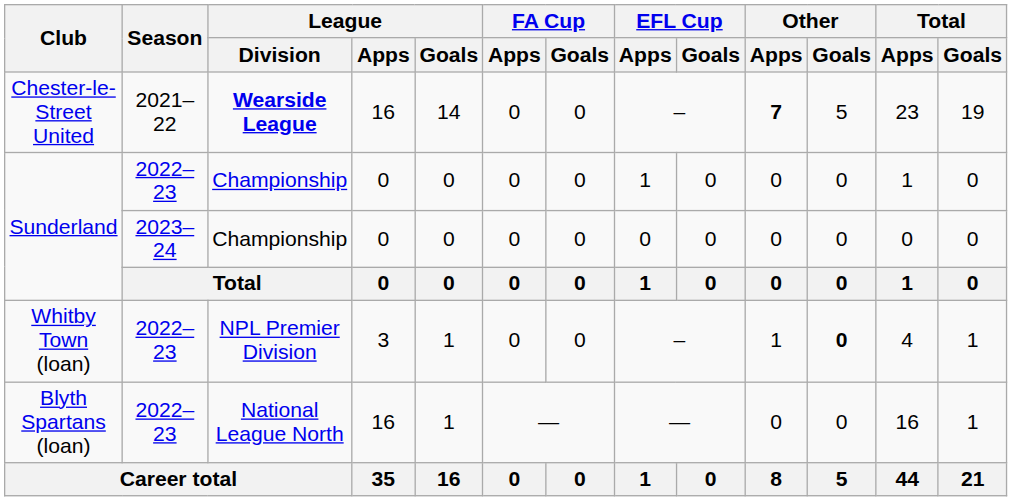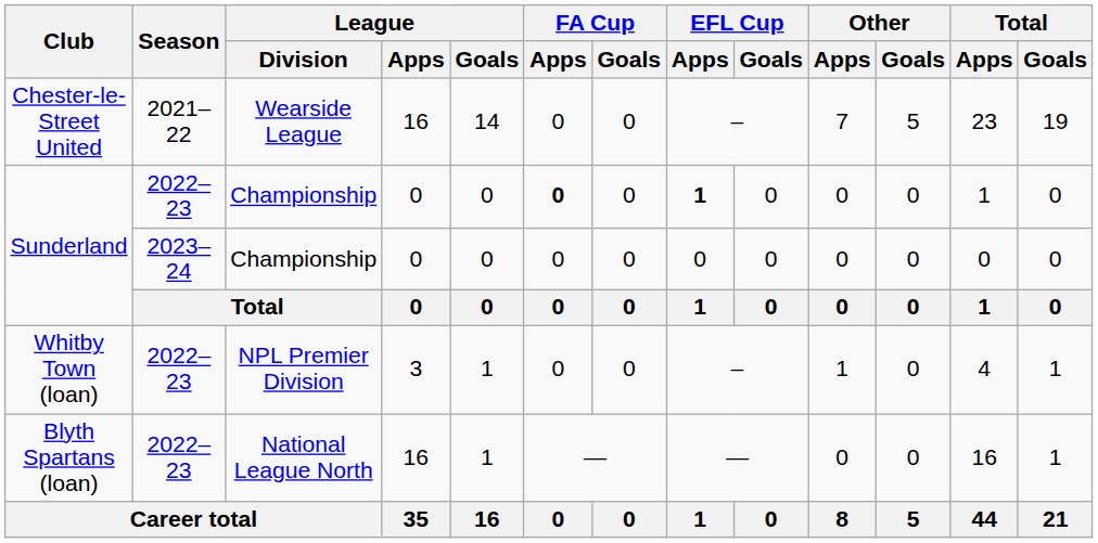 <table class=wikitable style=text-align:center>
 <tr>
 <th rowspan=2>Club</th>
 <th rowspan=2>Season</th>
 <th colspan=3>League</th>
 <th colspan=2><a href='#'>FA Cup</a></th>
 <th colspan=2><a href='#'>EFL Cup</a></th>
 <th colspan=2>Other</th>
 <th colspan=2>Total</th>
 </tr>
 <tr>
 <th>Division</th>
 <th>Apps</th>
 <th>Goals</th>
 <th>Apps</th>
 <th>Goals</th>
 <th>Apps</th>
 <th>Goals</th>
 <th>Apps</th>
 <th>Goals</th>
 <th>Apps</th>
 <th>Goals</th>
 </tr>
 <tr>
 <td><a href='#'>Chester-le-Street United</a></td>
 <td>2021–22</td>
-<td><strong><a href='#'>Wearside League</a></strong></td>
+<td><a href='#'>Wearside League</a></td>
 <td>16</td>
 <td>14</td>
 <td>0</td>
 <td>0</td>
 <td colspan=2>–</td>
-<td><strong>7</strong></td>
+<td>7</td>
 <td>5</td>
 <td>23</td>
 <td>19</td>
 </tr>
 <tr>
 <td rowspan="3"><a href='#'>Sunderland</a></td>
 <td><a href='#'>2022–23</a></td>
 <td><a href='#'>Championship</a></td>
 <td>0</td>
 <td>0</td>
+<td><strong>0</strong></td>
 <td>0</td>
-<td>0</td>
-<td>1</td>
+<td><strong>1</strong></td>
 <td>0</td>
 <td>0</td>
 <td>0</td>
 <td>1</td>
 <td>0</td>
 </tr>
 <tr>
 <td><a href='#'>2023–24</a></td>
 <td>Championship</td>
 <td>0</td>
 <td>0</td>
 <td>0</td>
 <td>0</td>
 <td>0</td>
 <td>0</td>
 <td>0</td>
 <td>0</td>
 <td>0</td>
 <td>0</td>
 </tr>
 <tr>
 <th colspan="2">Total</th>
 <th>0</th>
 <th>0</th>
 <th>0</th>
 <th>0</th>
 <th>1</th>
 <th>0</th>
 <th>0</th>
 <th>0</th>
 <th>1</th>
 <th>0</th>
 </tr>
 <tr>
 <td><a href='#'>Whitby Town</a> (loan)</td>
 <td><a href='#'>2022–23</a></td>
 <td><a href='#'>NPL Premier Division</a></td>
 <td>3</td>
 <td>1</td>
 <td>0</td>
 <td>0</td>
 <td colspan=2>–</td>
 <td>1</td>
-<td><strong>0</strong></td>
+<td>0</td>
 <td>4</td>
 <td>1</td>
 </tr>
 <tr>
 <td><a href='#'>Blyth Spartans</a> (loan)</td>
 <td><a href='#'>2022–23</a></td>
 <td><a href='#'>National League North</a></td>
 <td>16</td>
 <td>1</td>
 <td colspan="2">—</td>
 <td colspan="2">—</td>
 <td>0</td>
 <td>0</td>
 <td>16</td>
 <td>1</td>
 </tr>
 <tr>
 <th colspan=3>Career total</th>
 <th>35</th>
 <th>16</th>
 <th>0</th>
 <th>0</th>
 <th>1</th>
 <th>0</th>
 <th>8</th>
 <th>5</th>
 <th>44</th>
 <th>21</th>
 </tr>
 </table>
